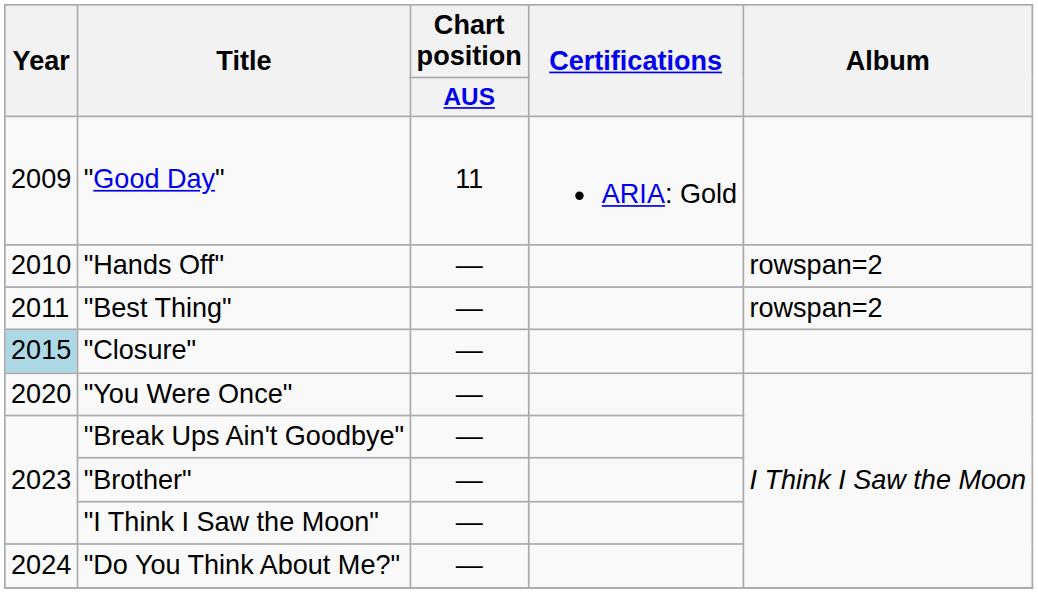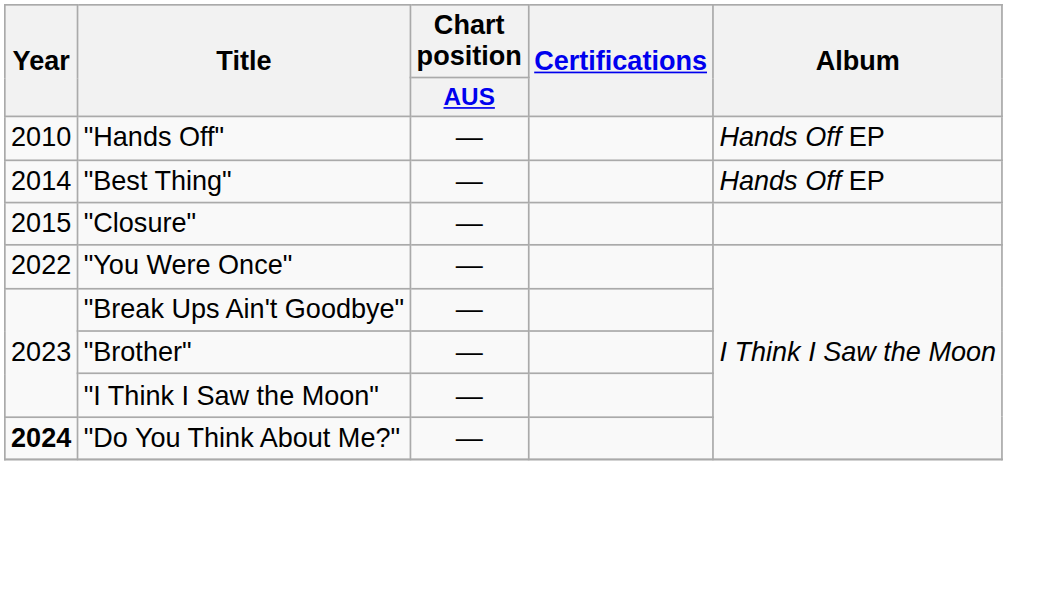 <table class="wikitable">
 <tr>
 <th rowspan="2">Year</th>
 <th rowspan="2">Title</th>
 <th colspan="1">Chart position</th>
 <th rowspan="2"><a href='#'>Certifications</a></th>
 <th rowspan="2">Album</th>
 </tr>
 <tr>
 <th scope="col" style="width:3em; font-size:90%"><a href='#'>AUS</a><br></th>
 </tr>
 <tr>
-<td>2009</td>
-<td align=left>"<a href='#'>Good Day</a>"</td>
-<td align=center>11</td>
-<td><br><ul><li><a href='#'>ARIA</a>: Gold</li></ul></td>
-<td></td>
-</tr>
-<tr>
 <td>2010</td>
 <td align=left>"Hands Off"</td>
 <td align=center>—</td>
 <td></td>
-<td>rowspan=2 </td>
+<td><em>Hands Off</em> EP</td>
 </tr>
 <tr>
-<td>2011</td>
+<td>2014</td>
 <td align=left>"Best Thing"</td>
 <td align=center>—</td>
 <td></td>
-<td>rowspan=2 </td>
+<td><em>Hands Off</em> EP</td>
 </tr>
 <tr>
-<td style="background: lightblue;">2015</td>
+<td>2015</td>
 <td align=left>"Closure"</td>
 <td align=center>—</td>
 <td></td>
 </tr>
 <tr>
-<td>2020</td>
+<td>2022</td>
 <td align=left>"You Were Once"</td>
 <td align=center>—</td>
 <td></td>
 <td rowspan=5><em>I Think I Saw the Moon</em></td>
 </tr>
 <tr>
 <td rowspan=3>2023</td>
 <td align=left>"Break Ups Ain't Goodbye"</td>
 <td align=center>—</td>
 <td></td>
 </tr>
 <tr>
 <td align=left>"Brother"</td>
 <td align=center>—</td>
 <td></td>
 </tr>
 <tr>
 <td align=left>"I Think I Saw the Moon"</td>
 <td align=center>—</td>
 <td></td>
 </tr>
 <tr>
-<td>2024</td>
+<td><strong>2024</strong></td>
 <td align=left>"Do You Think About Me?"</td>
 <td align=center>—</td>
 <td></td>
 </tr>
 <tr>
 </tr>
 </table>
